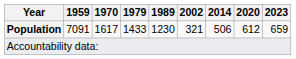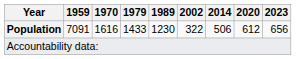 <table class="wikitable" style="text-align:right">
 <tr>
 <th>Year</th>
 <th>1959</th>
 <th>1970</th>
 <th>1979</th>
 <th>1989</th>
 <th>2002</th>
 <th>2014</th>
 <th>2020</th>
 <th>2023</th>
 </tr>
 <tr>
 <th>Population</th>
 <td>7091</td>
-<td>1617</td>
+<td>1616</td>
 <td>1433</td>
 <td>1230</td>
-<td>321</td>
+<td>322</td>
 <td>506</td>
 <td>612</td>
-<td>659</td>
+<td>656</td>
 </tr>
 <tr>
 <td colspan=15 class="wikitable" style="align:left;text-align:left;background-color:#eaecf0">Accountability data:</td>
 </tr>
 </table>
